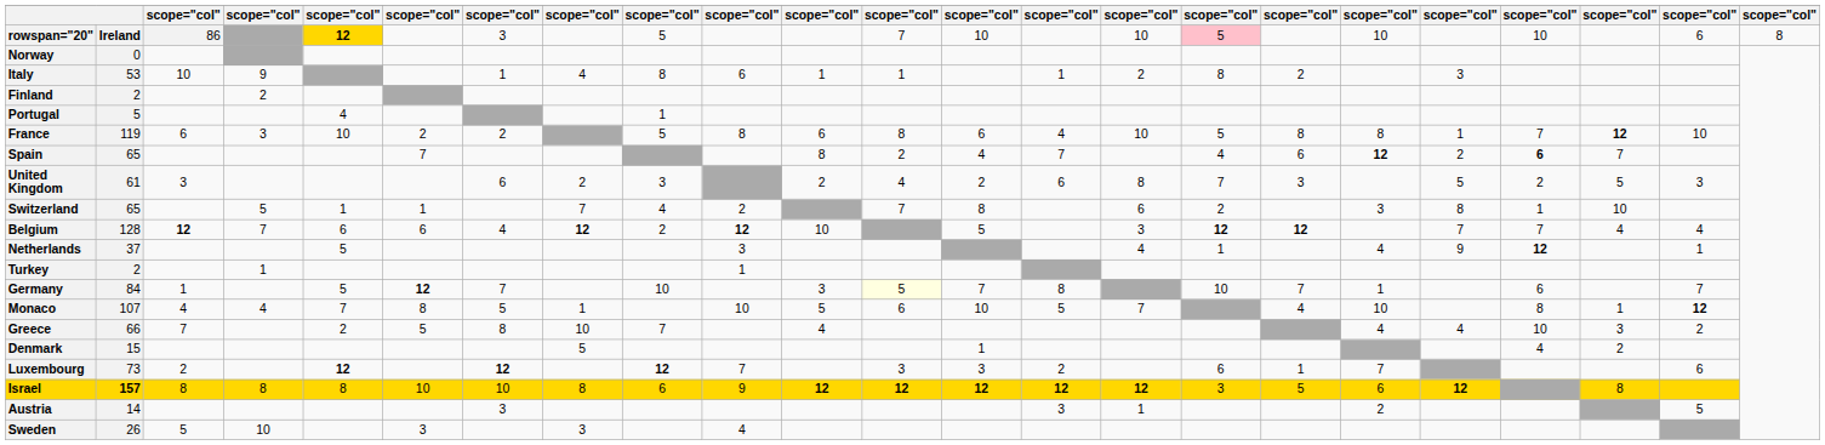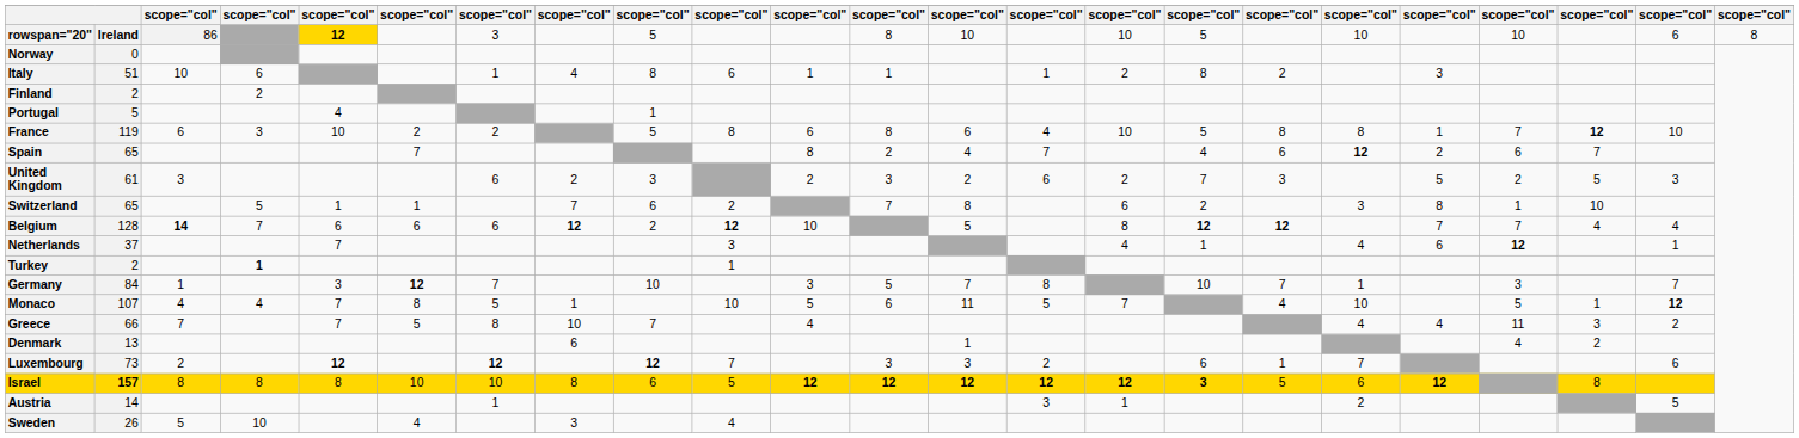 <table class="wikitable plainrowheaders" style="text-align:center;">
 <tr>
 </tr>
 <tr>
 <th colspan="2"></th>
 <th>scope="col" </th>
 <th>scope="col" </th>
 <th>scope="col" </th>
 <th>scope="col" </th>
 <th>scope="col" </th>
 <th>scope="col" </th>
 <th>scope="col" </th>
 <th>scope="col" </th>
 <th>scope="col" </th>
 <th>scope="col" </th>
 <th>scope="col" </th>
 <th>scope="col" </th>
 <th>scope="col" </th>
 <th>scope="col" </th>
 <th>scope="col" </th>
 <th>scope="col" </th>
 <th>scope="col" </th>
 <th>scope="col" </th>
 <th>scope="col" </th>
 <th>scope="col" </th>
 <th>scope="col" </th>
 </tr>
 <tr>
 <th>rowspan="20" </th>
 <th scope="row" style="text-align:left; background:#f2f2f2;">Ireland</th>
 <td style="text-align:right; background:#f2f2f2;">86</td>
 <td style="text-align:left; background:#aaa;"></td>
 <td style="background: gold;"><strong>12</strong></td>
 <td></td>
 <td>3</td>
 <td></td>
 <td>5</td>
 <td></td>
 <td></td>
-<td>7</td>
+<td>8</td>
 <td>10</td>
 <td></td>
 <td>10</td>
-<td style="background: pink;">5</td>
+<td>5</td>
 <td></td>
 <td>10</td>
 <td></td>
 <td>10</td>
 <td></td>
 <td>6</td>
 <td>8</td>
 </tr>
 <tr>
 <th scope="row" style="text-align:left; background:#f2f2f2;">Norway</th>
 <td style="text-align:right; background:#f2f2f2;">0</td>
 <td></td>
 <td style="text-align:left; background:#aaa;"></td>
 <td></td>
 <td></td>
 <td></td>
 <td></td>
 <td></td>
 <td></td>
 <td></td>
 <td></td>
 <td></td>
 <td></td>
 <td></td>
 <td></td>
 <td></td>
 <td></td>
 <td></td>
 <td></td>
 <td></td>
 <td></td>
 </tr>
 <tr>
 <th scope="row" style="text-align:left; background:#f2f2f2;">Italy</th>
-<td style="text-align:right; background:#f2f2f2;">53</td>
+<td style="text-align:right; background:#f2f2f2;">51</td>
 <td>10</td>
-<td>9</td>
+<td>6</td>
 <td style="text-align:left; background:#aaa;"></td>
 <td></td>
 <td>1</td>
 <td>4</td>
 <td>8</td>
 <td>6</td>
 <td>1</td>
 <td>1</td>
 <td></td>
 <td>1</td>
 <td>2</td>
 <td>8</td>
 <td>2</td>
 <td></td>
 <td>3</td>
 <td></td>
 <td></td>
 <td></td>
 </tr>
 <tr>
 <th scope="row" style="text-align:left; background:#f2f2f2;">Finland</th>
 <td style="text-align:right; background:#f2f2f2;">2</td>
 <td></td>
 <td>2</td>
 <td></td>
 <td style="text-align:left; background:#aaa;"></td>
 <td></td>
 <td></td>
 <td></td>
 <td></td>
 <td></td>
 <td></td>
 <td></td>
 <td></td>
 <td></td>
 <td></td>
 <td></td>
 <td></td>
 <td></td>
 <td></td>
 <td></td>
 <td></td>
 </tr>
 <tr>
 <th scope="row" style="text-align:left; background:#f2f2f2;">Portugal</th>
 <td style="text-align:right; background:#f2f2f2;">5</td>
 <td></td>
 <td></td>
 <td>4</td>
 <td></td>
 <td style="text-align:left; background:#aaa;"></td>
 <td></td>
 <td>1</td>
 <td></td>
 <td></td>
 <td></td>
 <td></td>
 <td></td>
 <td></td>
 <td></td>
 <td></td>
 <td></td>
 <td></td>
 <td></td>
 <td></td>
 <td></td>
 </tr>
 <tr>
 <th scope="row" style="text-align:left; background:#f2f2f2;">France</th>
 <td style="text-align:right; background:#f2f2f2;">119</td>
 <td>6</td>
 <td>3</td>
 <td>10</td>
 <td>2</td>
 <td>2</td>
 <td style="text-align:left; background:#aaa;"></td>
 <td>5</td>
 <td>8</td>
 <td>6</td>
 <td>8</td>
 <td>6</td>
 <td>4</td>
 <td>10</td>
 <td>5</td>
 <td>8</td>
 <td>8</td>
 <td>1</td>
 <td>7</td>
 <td><strong>12</strong></td>
 <td>10</td>
 </tr>
 <tr>
 <th scope="row" style="text-align:left; background:#f2f2f2;">Spain</th>
 <td style="text-align:right; background:#f2f2f2;">65</td>
 <td></td>
 <td></td>
 <td></td>
 <td>7</td>
 <td></td>
 <td></td>
 <td style="text-align:left; background:#aaa;"></td>
 <td></td>
 <td>8</td>
 <td>2</td>
 <td>4</td>
 <td>7</td>
 <td></td>
 <td>4</td>
 <td>6</td>
 <td><strong>12</strong></td>
 <td>2</td>
-<td><strong>6</strong></td>
+<td>6</td>
 <td>7</td>
 <td></td>
 </tr>
 <tr>
 <th scope="row" style="text-align:left; background:#f2f2f2;">United Kingdom</th>
 <td style="text-align:right; background:#f2f2f2;">61</td>
 <td>3</td>
 <td></td>
 <td></td>
 <td></td>
 <td>6</td>
 <td>2</td>
 <td>3</td>
 <td style="text-align:left; background:#aaa;"></td>
 <td>2</td>
-<td>4</td>
+<td>3</td>
 <td>2</td>
 <td>6</td>
-<td>8</td>
+<td>2</td>
 <td>7</td>
 <td>3</td>
 <td></td>
 <td>5</td>
 <td>2</td>
 <td>5</td>
 <td>3</td>
 </tr>
 <tr>
 <th scope="row" style="text-align:left; background:#f2f2f2;">Switzerland</th>
 <td style="text-align:right; background:#f2f2f2;">65</td>
 <td></td>
 <td>5</td>
 <td>1</td>
 <td>1</td>
 <td></td>
 <td>7</td>
-<td>4</td>
+<td>6</td>
 <td>2</td>
 <td style="text-align:left; background:#aaa;"></td>
 <td>7</td>
 <td>8</td>
 <td></td>
 <td>6</td>
 <td>2</td>
 <td></td>
 <td>3</td>
 <td>8</td>
 <td>1</td>
 <td>10</td>
 <td></td>
 </tr>
 <tr>
 <th scope="row" style="text-align:left; background:#f2f2f2;">Belgium</th>
 <td style="text-align:right; background:#f2f2f2;">128</td>
-<td><strong>12</strong></td>
+<td><strong>14</strong></td>
 <td>7</td>
 <td>6</td>
 <td>6</td>
-<td>4</td>
+<td>6</td>
 <td><strong>12</strong></td>
 <td>2</td>
 <td><strong>12</strong></td>
 <td>10</td>
 <td style="text-align:left; background:#aaa;"></td>
 <td>5</td>
 <td></td>
-<td>3</td>
+<td>8</td>
 <td><strong>12</strong></td>
 <td><strong>12</strong></td>
 <td></td>
 <td>7</td>
 <td>7</td>
 <td>4</td>
 <td>4</td>
 </tr>
 <tr>
 <th scope="row" style="text-align:left; background:#f2f2f2;">Netherlands</th>
 <td style="text-align:right; background:#f2f2f2;">37</td>
 <td></td>
 <td></td>
-<td>5</td>
+<td>7</td>
 <td></td>
 <td></td>
 <td></td>
 <td></td>
 <td>3</td>
 <td></td>
 <td></td>
 <td style="text-align:left; background:#aaa;"></td>
 <td></td>
 <td>4</td>
 <td>1</td>
 <td></td>
 <td>4</td>
-<td>9</td>
+<td>6</td>
 <td><strong>12</strong></td>
 <td></td>
 <td>1</td>
 </tr>
 <tr>
 <th scope="row" style="text-align:left; background:#f2f2f2;">Turkey</th>
 <td style="text-align:right; background:#f2f2f2;">2</td>
 <td></td>
-<td>1</td>
+<td><strong>1</strong></td>
 <td></td>
 <td></td>
 <td></td>
 <td></td>
 <td></td>
 <td>1</td>
 <td></td>
 <td></td>
 <td></td>
 <td style="text-align:left; background:#aaa;"></td>
 <td></td>
 <td></td>
 <td></td>
 <td></td>
 <td></td>
 <td></td>
 <td></td>
 <td></td>
 </tr>
 <tr>
 <th scope="row" style="text-align:left; background:#f2f2f2;">Germany</th>
 <td style="text-align:right; background:#f2f2f2;">84</td>
 <td>1</td>
 <td></td>
-<td>5</td>
+<td>3</td>
 <td><strong>12</strong></td>
 <td>7</td>
 <td></td>
 <td>10</td>
 <td></td>
 <td>3</td>
-<td style="background: lightyellow;">5</td>
+<td>5</td>
 <td>7</td>
 <td>8</td>
 <td style="text-align:left; background:#aaa;"></td>
 <td>10</td>
 <td>7</td>
 <td>1</td>
 <td></td>
-<td>6</td>
+<td>3</td>
 <td></td>
 <td>7</td>
 </tr>
 <tr>
 <th scope="row" style="text-align:left; background:#f2f2f2;">Monaco</th>
 <td style="text-align:right; background:#f2f2f2;">107</td>
 <td>4</td>
 <td>4</td>
 <td>7</td>
 <td>8</td>
 <td>5</td>
 <td>1</td>
 <td></td>
 <td>10</td>
 <td>5</td>
 <td>6</td>
-<td>10</td>
+<td>11</td>
 <td>5</td>
 <td>7</td>
 <td style="text-align:left; background:#aaa;"></td>
 <td>4</td>
 <td>10</td>
 <td></td>
-<td>8</td>
+<td>5</td>
 <td>1</td>
 <td><strong>12</strong></td>
 </tr>
 <tr>
 <th scope="row" style="text-align:left; background:#f2f2f2;">Greece</th>
 <td style="text-align:right; background:#f2f2f2;">66</td>
 <td>7</td>
 <td></td>
-<td>2</td>
+<td>7</td>
 <td>5</td>
 <td>8</td>
 <td>10</td>
 <td>7</td>
 <td></td>
 <td>4</td>
 <td></td>
 <td></td>
 <td></td>
 <td></td>
 <td></td>
 <td style="text-align:left; background:#aaa;"></td>
 <td>4</td>
 <td>4</td>
-<td>10</td>
+<td>11</td>
 <td>3</td>
 <td>2</td>
 </tr>
 <tr>
 <th scope="row" style="text-align:left; background:#f2f2f2;">Denmark</th>
-<td style="text-align:right; background:#f2f2f2;">15</td>
+<td style="text-align:right; background:#f2f2f2;">13</td>
 <td></td>
 <td></td>
 <td></td>
 <td></td>
 <td></td>
-<td>5</td>
+<td>6</td>
 <td></td>
 <td></td>
 <td></td>
 <td></td>
 <td>1</td>
 <td></td>
 <td></td>
 <td></td>
 <td></td>
 <td style="text-align:left; background:#aaa;"></td>
 <td></td>
 <td>4</td>
 <td>2</td>
 <td></td>
 </tr>
 <tr>
 <th scope="row" style="text-align:left; background:#f2f2f2;">Luxembourg</th>
 <td style="text-align:right; background:#f2f2f2;">73</td>
 <td>2</td>
 <td></td>
 <td><strong>12</strong></td>
 <td></td>
 <td><strong>12</strong></td>
 <td></td>
 <td><strong>12</strong></td>
 <td>7</td>
 <td></td>
 <td>3</td>
 <td>3</td>
 <td>2</td>
 <td></td>
 <td>6</td>
 <td>1</td>
 <td>7</td>
 <td style="text-align:left; background:#aaa;"></td>
 <td></td>
 <td></td>
 <td>6</td>
 </tr>
 <tr style="background:gold;">
 <th scope="row" style="text-align:left; font-weight:bold; background:gold;">Israel</th>
 <td style="text-align:right; font-weight:bold;">157</td>
 <td>8</td>
 <td>8</td>
 <td>8</td>
 <td>10</td>
 <td>10</td>
 <td>8</td>
 <td>6</td>
-<td>9</td>
+<td>5</td>
 <td><strong>12</strong></td>
 <td><strong>12</strong></td>
 <td><strong>12</strong></td>
 <td><strong>12</strong></td>
 <td><strong>12</strong></td>
-<td>3</td>
+<td><strong>3</strong></td>
 <td>5</td>
 <td>6</td>
 <td><strong>12</strong></td>
 <td style="text-align:left; background:#aaa;"></td>
 <td>8</td>
 <td></td>
 </tr>
 <tr>
 <th scope="row" style="text-align:left; background:#f2f2f2;">Austria</th>
 <td style="text-align:right; background:#f2f2f2;">14</td>
 <td></td>
 <td></td>
 <td></td>
 <td></td>
-<td>3</td>
+<td>1</td>
 <td></td>
 <td></td>
 <td></td>
 <td></td>
 <td></td>
 <td></td>
 <td>3</td>
 <td>1</td>
 <td></td>
 <td></td>
 <td>2</td>
 <td></td>
 <td></td>
 <td style="text-align:left; background:#aaa;"></td>
 <td>5</td>
 </tr>
 <tr>
 <th scope="row" style="text-align:left; background:#f2f2f2;">Sweden</th>
 <td style="text-align:right; background:#f2f2f2;">26</td>
 <td>5</td>
 <td>10</td>
 <td></td>
-<td>3</td>
+<td>4</td>
 <td></td>
 <td>3</td>
 <td></td>
 <td>4</td>
 <td></td>
 <td></td>
 <td></td>
 <td></td>
 <td></td>
 <td></td>
 <td></td>
 <td></td>
 <td></td>
 <td></td>
 <td></td>
 <td style="text-align:left; background:#aaa;"></td>
 </tr>
 </table>
